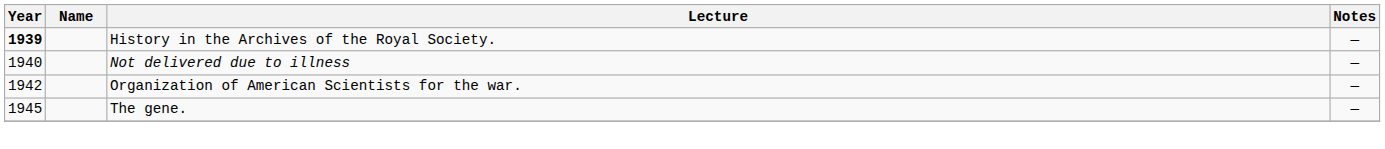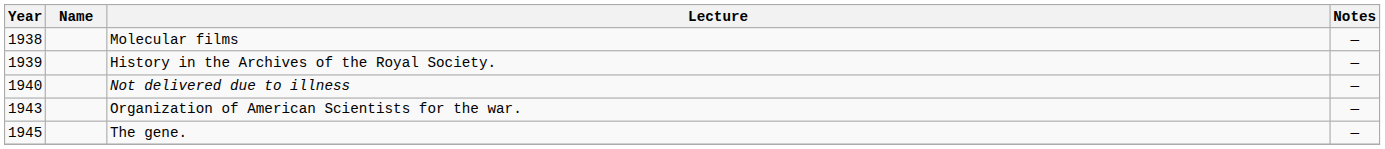 <table class="wikitable sortable" border="1" style="align:left;">
 <tr>
 <th width="4">Year</th>
 <th width="190">Name</th>
 <th width="9100">Lecture</th>
 <th width="1" class="unsortable">Notes</th>
 </tr>
 <tr>
-<td><strong>1939</strong></td>
+<td>1938</td>
+<td></td>
+<td>Molecular films</td>
+<td align=center>—</td>
+</tr>
+<tr>
+<td>1939</td>
 <td></td>
 <td>History in the Archives of the Royal Society.</td>
 <td align=center>—</td>
 </tr>
 <tr>
 <td>1940</td>
 <td></td>
 <td><em>Not delivered due to illness</em></td>
 <td align=center>—</td>
 </tr>
 <tr>
-<td>1942</td>
+<td>1943</td>
 <td></td>
 <td>Organization of American Scientists for the war.</td>
 <td align=center>—</td>
 </tr>
 <tr>
 <td>1945</td>
 <td></td>
 <td>The gene.</td>
 <td align=center>—</td>
 </tr>
 <tr>
 </tr>
 </table>
